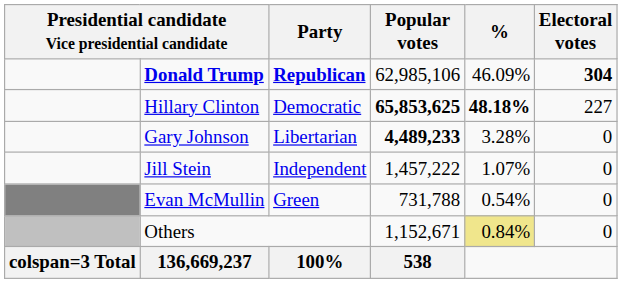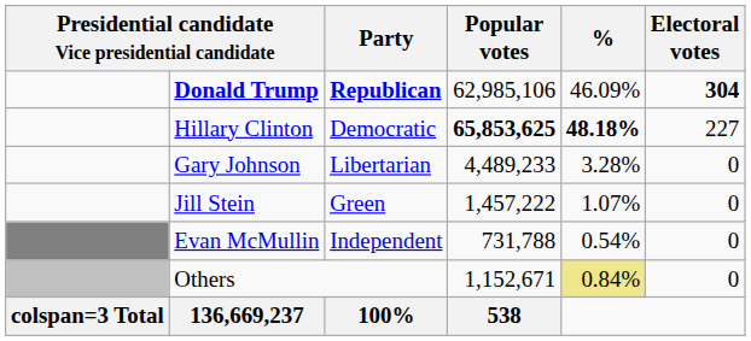 <table class="wikitable" style="text-align:right; line-height:1.2">
 <tr>
 <th colspan=2>Presidential candidate<br><small>Vice presidential candidate</small></th>
 <th>Party</th>
 <th>Popular<br>votes</th>
 <th>%</th>
 <th>Electoral<br>votes</th>
 </tr>
 <tr>
 <td style=background-color:></td>
 <td align=left><strong><a href='#'>Donald Trump</a><br></strong></td>
 <td align=left><strong><a href='#'>Republican</a></strong></td>
 <td>62,985,106</td>
 <td>46.09%</td>
 <td><strong>304</strong></td>
 </tr>
 <tr>
 <td style=background:></td>
 <td align=left><a href='#'>Hillary Clinton</a><br></td>
 <td align=left><a href='#'>Democratic</a></td>
 <td><strong>65,853,625</strong></td>
 <td><strong>48.18%</strong></td>
 <td>227</td>
 </tr>
 <tr>
 <td style=background:></td>
 <td align=left><a href='#'>Gary Johnson</a><br></td>
 <td align=left><a href='#'>Libertarian</a></td>
-<td><strong>4,489,233</strong></td>
+<td>4,489,233</td>
 <td>3.28%</td>
 <td>0</td>
 </tr>
 <tr>
 <td style=background:></td>
 <td align=left><a href='#'>Jill Stein</a><br></td>
-<td align=left><a href='#'>Independent</a></td>
+<td align=left><a href='#'>Green</a></td>
 <td>1,457,222</td>
 <td>1.07%</td>
 <td>0</td>
 </tr>
 <tr>
 <td bgcolor=grey></td>
 <td align=left><a href='#'>Evan McMullin</a><br></td>
-<td align=left><a href='#'>Green</a></td>
+<td align=left><a href='#'>Independent</a></td>
 <td>731,788</td>
 <td>0.54%</td>
 <td>0</td>
 </tr>
 <tr>
 <td bgcolor=#C0C0C0></td>
 <td colspan=2 align=left>Others</td>
 <td>1,152,671</td>
 <td style="background: khaki;">0.84%</td>
 <td>0</td>
 </tr>
 <tr>
 <th>colspan=3  Total</th>
 <th> 136,669,237</th>
 <th> 100%</th>
 <th> 538</th>
 </tr>
 </table>
